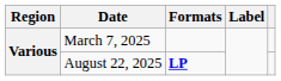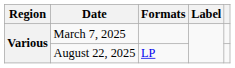 <table class="wikitable plainrowheaders">
 <tr>
 <th scope="col">Region</th>
 <th scope="col">Date</th>
 <th scope="col">Formats</th>
 <th scope="col">Label</th>
 <th scope="col"></th>
 </tr>
 <tr>
 <th scope="row" rowspan="2">Various </th>
 <td>March 7, 2025</td>
 <td></td>
 <td rowspan="2"></td>
 <td style="text-align:center"></td>
 </tr>
 <tr>
 <td>August 22, 2025</td>
-<td><strong><a href='#'>LP</a></strong></td>
+<td><a href='#'>LP</a></td>
 <td style="text-align:center"></td>
 </tr>
 </table>
